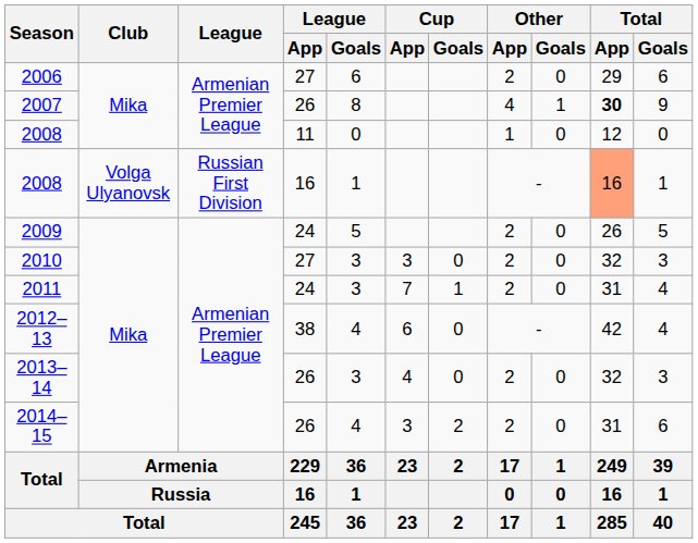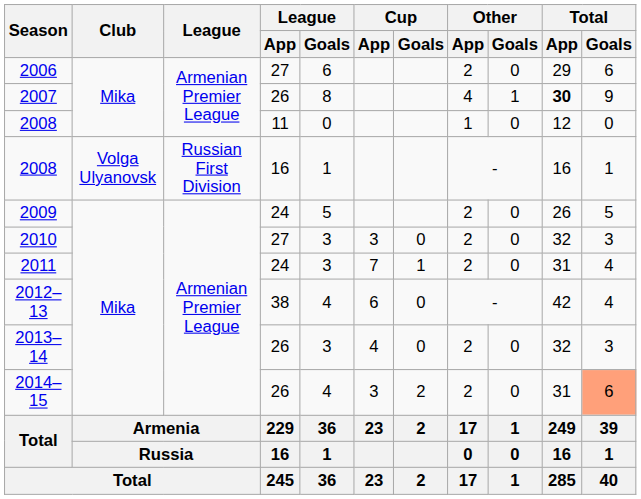 <table class="wikitable">
 <tr>
 <th rowspan=2>Season</th>
 <th ! rowspan=2>Club</th>
 <th ! rowspan=2>League</th>
 <th ! colspan=2>League</th>
 <th ! colspan=2>Cup</th>
 <th ! colspan=2>Other</th>
 <th colspan=3>Total</th>
 </tr>
 <tr>
 <th>App</th>
 <th>Goals</th>
 <th>App</th>
 <th>Goals</th>
 <th>App</th>
 <th>Goals</th>
 <th>App</th>
 <th>Goals</th>
 </tr>
 <tr align=center>
 <td><a href='#'>2006</a></td>
 <td rowspan="3"><a href='#'>Mika</a></td>
 <td rowspan="3"><a href='#'>Armenian Premier League</a></td>
 <td>27</td>
 <td>6</td>
 <td></td>
 <td></td>
 <td>2</td>
 <td>0</td>
 <td>29</td>
 <td>6</td>
 </tr>
 <tr align=center>
 <td><a href='#'>2007</a></td>
 <td>26</td>
 <td>8</td>
 <td></td>
 <td></td>
 <td>4</td>
 <td>1</td>
 <td><strong>30</strong></td>
 <td>9</td>
 </tr>
 <tr align=center>
 <td><a href='#'>2008</a></td>
 <td>11</td>
 <td>0</td>
 <td></td>
 <td></td>
 <td>1</td>
 <td>0</td>
 <td>12</td>
 <td>0</td>
 </tr>
 <tr align=center>
 <td><a href='#'>2008</a></td>
 <td><a href='#'>Volga Ulyanovsk</a></td>
 <td><a href='#'>Russian First Division</a></td>
 <td>16</td>
 <td>1</td>
 <td></td>
 <td></td>
 <td colspan="2">-</td>
-<td style="background: lightsalmon;">16</td>
+<td>16</td>
 <td>1</td>
 </tr>
 <tr align=center>
 <td><a href='#'>2009</a></td>
 <td rowspan="6"><a href='#'>Mika</a></td>
 <td rowspan="6"><a href='#'>Armenian Premier League</a></td>
 <td>24</td>
 <td>5</td>
 <td></td>
 <td></td>
 <td>2</td>
 <td>0</td>
 <td>26</td>
 <td>5</td>
 </tr>
 <tr align=center>
 <td><a href='#'>2010</a></td>
 <td>27</td>
 <td>3</td>
 <td>3</td>
 <td>0</td>
 <td>2</td>
 <td>0</td>
 <td>32</td>
 <td>3</td>
 </tr>
 <tr align=center>
 <td><a href='#'>2011</a></td>
 <td>24</td>
 <td>3</td>
 <td>7</td>
 <td>1</td>
 <td>2</td>
 <td>0</td>
 <td>31</td>
 <td>4</td>
 </tr>
 <tr align=center>
 <td><a href='#'>2012–13</a></td>
 <td>38</td>
 <td>4</td>
 <td>6</td>
 <td>0</td>
 <td colspan="2">-</td>
 <td>42</td>
 <td>4</td>
 </tr>
 <tr align=center>
 <td><a href='#'>2013–14</a></td>
 <td>26</td>
 <td>3</td>
 <td>4</td>
 <td>0</td>
 <td>2</td>
 <td>0</td>
 <td>32</td>
 <td>3</td>
 </tr>
 <tr align=center>
 <td><a href='#'>2014–15</a></td>
 <td>26</td>
 <td>4</td>
 <td>3</td>
 <td>2</td>
 <td>2</td>
 <td>0</td>
 <td>31</td>
-<td>6</td>
+<td style="background: lightsalmon;">6</td>
 </tr>
 <tr align=center>
 <th rowspan="2">Total</th>
 <th ! colspan="2">Armenia</th>
 <th>229</th>
 <th>36</th>
 <th>23</th>
 <th>2</th>
 <th>17</th>
 <th>1</th>
 <th>249</th>
 <th>39</th>
 </tr>
 <tr align=center>
 <th colspan="2">Russia</th>
 <th>16</th>
 <th>1</th>
 <th></th>
 <th></th>
 <th>0</th>
 <th>0</th>
 <th>16</th>
 <th>1</th>
 </tr>
 <tr align=center>
 <th colspan="3">Total</th>
 <th>245</th>
 <th>36</th>
 <th>23</th>
 <th>2</th>
 <th>17</th>
 <th>1</th>
 <th>285</th>
 <th>40</th>
 </tr>
 </table>
